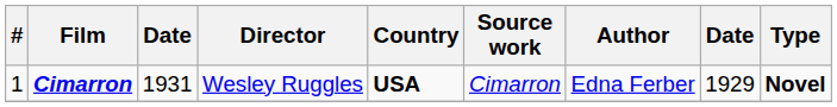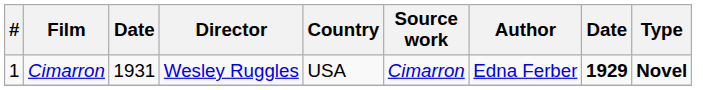 <table class="wikitable">
 <tr>
 <th>#</th>
 <th>Film</th>
 <th>Date</th>
 <th>Director</th>
 <th>Country</th>
 <th>Source<br>work</th>
 <th>Author</th>
 <th>Date</th>
 <th>Type</th>
 </tr>
 <tr>
 <td>1</td>
-<td><strong><em><a href='#'>Cimarron</a></em></strong></td>
+<td><em><a href='#'>Cimarron</a></em></td>
 <td>1931</td>
 <td><a href='#'>Wesley Ruggles</a></td>
-<td><strong>USA</strong></td>
+<td>USA</td>
 <td><em><a href='#'>Cimarron</a></em></td>
 <td><a href='#'>Edna Ferber</a></td>
-<td>1929</td>
+<td><strong>1929</strong></td>
 <td><strong>Novel</strong></td>
 </tr>
 <tr>
 </tr>
 </table>
